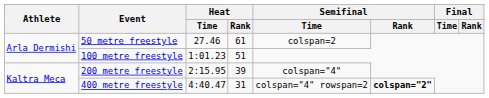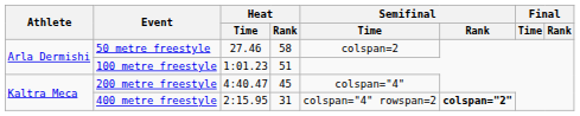 <table class="wikitable" style="text-align:center; font-size:90%; width:50%;">
 <tr>
 <th rowspan="2">Athlete</th>
 <th rowspan="2">Event</th>
 <th colspan="2">Heat</th>
 <th colspan="2">Semifinal</th>
 <th colspan="2">Final</th>
 </tr>
 <tr style="font-size:95%">
 <th>Time</th>
 <th>Rank</th>
 <th>Time</th>
 <th>Rank</th>
 <th>Time</th>
 <th>Rank</th>
 </tr>
 <tr>
 <td align=left rowspan=2><a href='#'>Arla Dermishi</a></td>
 <td align=left><a href='#'>50 metre freestyle</a></td>
 <td>27.46</td>
-<td>61</td>
+<td>58</td>
 <td>colspan=2 </td>
 </tr>
 <tr>
 <td align=left><a href='#'>100 metre freestyle</a></td>
 <td>1:01.23</td>
 <td>51</td>
 </tr>
 <tr>
 <td align=left rowspan=2><a href='#'>Kaltra Meca</a></td>
 <td align=left><a href='#'>200 metre freestyle</a></td>
-<td>2:15.95</td>
-<td>39</td>
+<td>4:40.47</td>
+<td>45</td>
 <td>colspan="4"  </td>
 </tr>
 <tr>
 <td align=left><a href='#'>400 metre freestyle</a></td>
-<td>4:40.47</td>
+<td>2:15.95</td>
 <td>31</td>
 <td>colspan="4" rowspan=2 </td>
 <td><strong>colspan="2"  </strong></td>
 </tr>
 </table>
